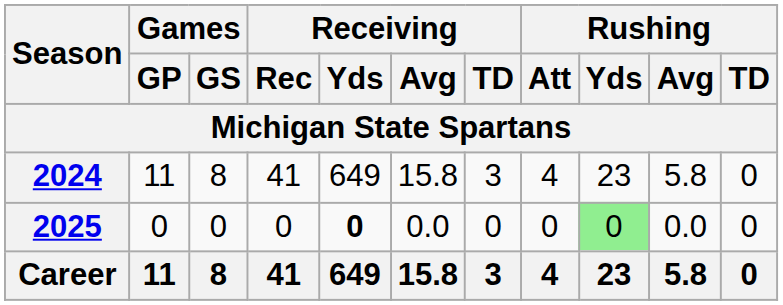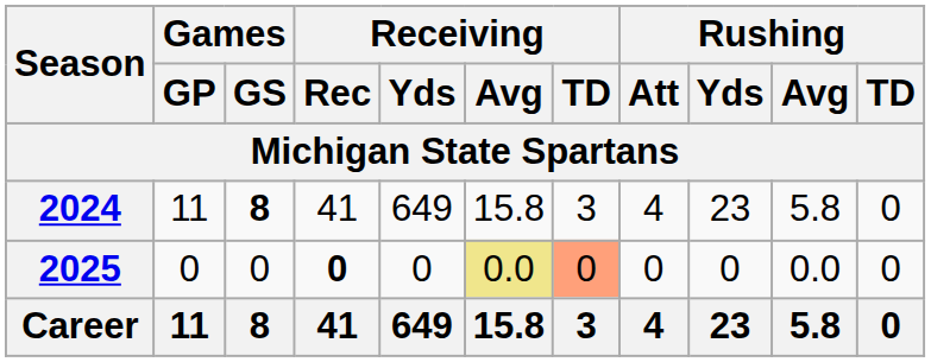 <table class="wikitable" style="text-align:center;">
 <tr>
 <th rowspan="2">Season</th>
 <th colspan="2">Games</th>
 <th colspan="4">Receiving</th>
 <th colspan="4">Rushing</th>
 </tr>
 <tr>
 <th>GP</th>
 <th>GS</th>
 <th>Rec</th>
 <th>Yds</th>
 <th>Avg</th>
 <th>TD</th>
 <th>Att</th>
 <th>Yds</th>
 <th>Avg</th>
 <th>TD</th>
 </tr>
 <tr>
 <th colspan="16">Michigan State Spartans</th>
 </tr>
 <tr>
 <th><a href='#'>2024</a></th>
 <td>11</td>
-<td>8</td>
+<td><strong>8</strong></td>
 <td>41</td>
 <td>649</td>
 <td>15.8</td>
 <td>3</td>
 <td>4</td>
 <td>23</td>
 <td>5.8</td>
 <td>0</td>
 </tr>
 <tr>
 <th><a href='#'>2025</a></th>
 <td>0</td>
 <td>0</td>
+<td><strong>0</strong></td>
 <td>0</td>
-<td><strong>0</strong></td>
-<td>0.0</td>
+<td style="background: khaki;">0.0</td>
+<td style="background: lightsalmon;">0</td>
 <td>0</td>
 <td>0</td>
-<td style="background: lightgreen;">0</td>
 <td>0.0</td>
 <td>0</td>
 </tr>
 <tr>
 <th>Career</th>
 <th>11</th>
 <th>8</th>
 <th>41</th>
 <th>649</th>
 <th>15.8</th>
 <th>3</th>
 <th>4</th>
 <th>23</th>
 <th>5.8</th>
 <th>0</th>
 </tr>
 </table>
